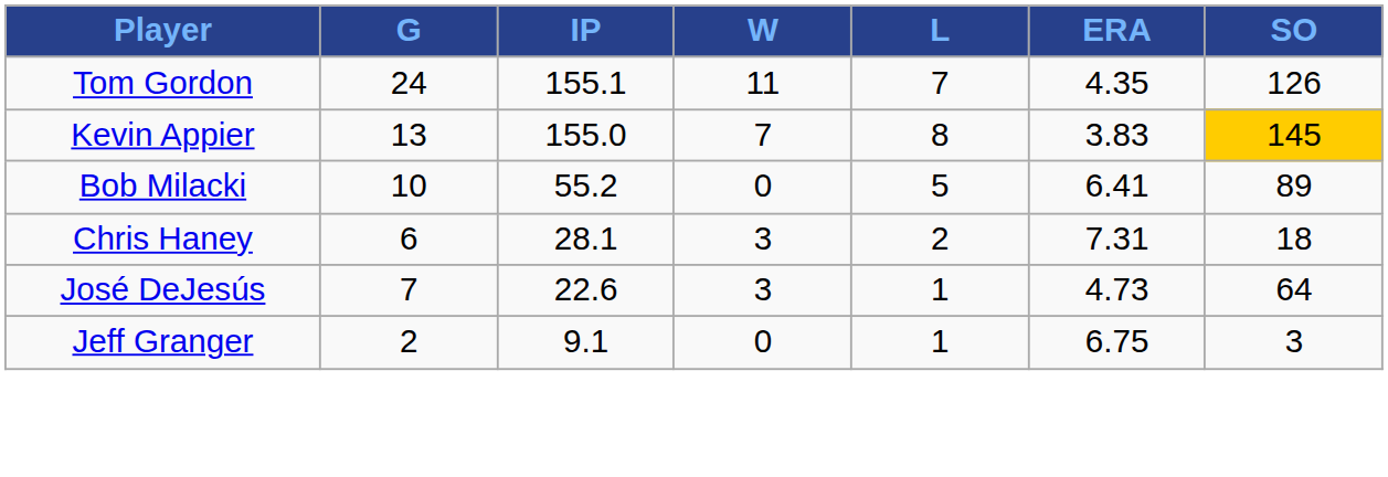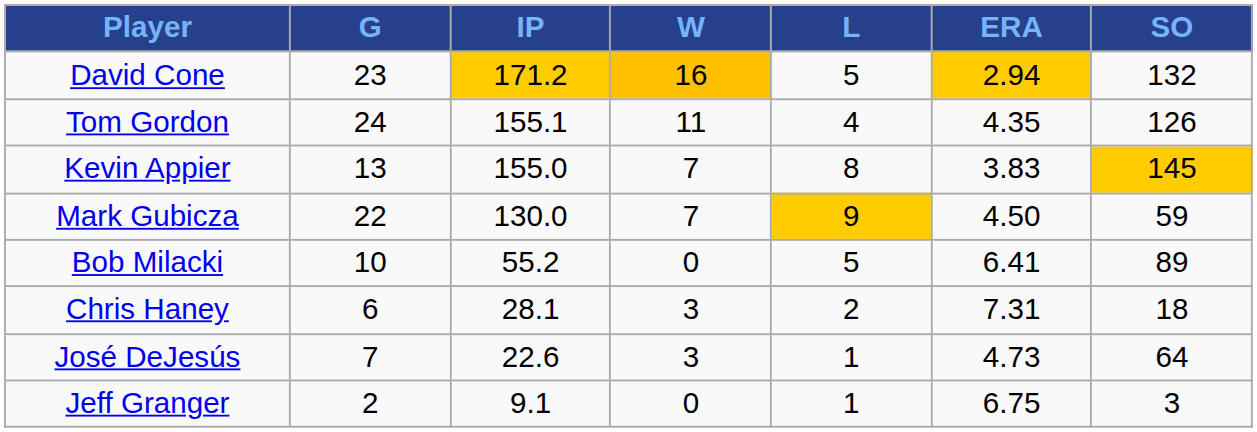 <table class="wikitable sortable">
 <tr>
 <th style="background:#27408B;color:#74B4FA;" width="16%">Player</th>
 <th style="background:#27408B;color:#74B4FA;" width="9%">G</th>
 <th style="background:#27408B;color:#74B4FA;" width="9%">IP</th>
 <th style="background:#27408B;color:#74B4FA;" width="9%">W</th>
 <th style="background:#27408B;color:#74B4FA;" width="9%">L</th>
 <th style="background:#27408B;color:#74B4FA;" width="9%">ERA</th>
 <th style="background:#27408B;color:#74B4FA;" width="9%">SO</th>
 </tr>
+<tr style="text-align: center">
+<td><a href='#'>David Cone</a></td>
+<td>23</td>
+<td bgcolor="#FFCC00">171.2</td>
+<td bgcolor="#FFCC00'">16</td>
+<td>5</td>
+<td bgcolor="#FFCC00">2.94</td>
+<td>132</td>
+</tr>
 <tr align=center>
 <td><a href='#'>Tom Gordon</a></td>
 <td>24</td>
 <td>155.1</td>
 <td>11</td>
-<td>7</td>
+<td>4</td>
 <td>4.35</td>
 <td>126</td>
 </tr>
 <tr align=center>
 <td><a href='#'>Kevin Appier</a></td>
 <td>13</td>
 <td>155.0</td>
 <td>7</td>
 <td>8</td>
 <td>3.83</td>
 <td bgcolor="#FFCC00">145</td>
+</tr>
+<tr align=center>
+<td><a href='#'>Mark Gubicza</a></td>
+<td>22</td>
+<td>130.0</td>
+<td>7</td>
+<td bgcolor="#FFCC00">9</td>
+<td>4.50</td>
+<td>59</td>
 </tr>
 <tr align=center>
 <td><a href='#'>Bob Milacki</a></td>
 <td>10</td>
 <td>55.2</td>
 <td>0</td>
 <td>5</td>
 <td>6.41</td>
 <td>89</td>
 </tr>
 <tr align=center>
 <td><a href='#'>Chris Haney</a></td>
 <td>6</td>
 <td>28.1</td>
 <td>3</td>
 <td>2</td>
 <td>7.31</td>
 <td>18</td>
 </tr>
 <tr align=center>
 <td><a href='#'>José DeJesús</a></td>
 <td>7</td>
 <td>22.6</td>
 <td>3</td>
 <td>1</td>
 <td>4.73</td>
 <td>64</td>
 </tr>
 <tr align=center>
 <td><a href='#'>Jeff Granger</a></td>
 <td>2</td>
 <td>9.1</td>
 <td>0</td>
 <td>1</td>
 <td>6.75</td>
 <td>3</td>
 </tr>
 </table>
